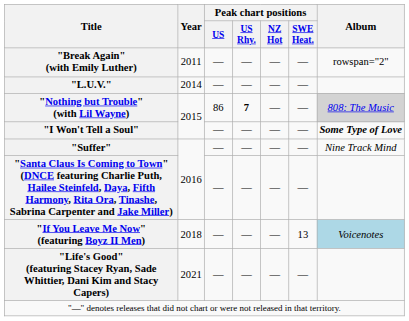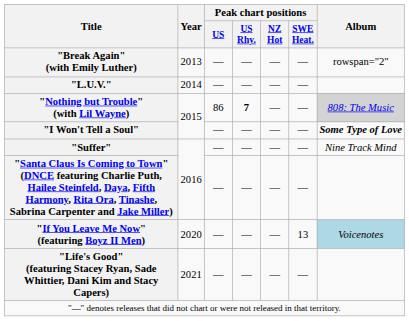 <table class="wikitable plainrowheaders" style="text-align:center;">
 <tr>
 <th scope="col" rowspan="2" style="width:16em;">Title</th>
 <th scope="col" rowspan="2">Year</th>
 <th scope="col" colspan="4">Peak chart positions</th>
 <th scope="col" rowspan="2">Album</th>
 </tr>
 <tr>
 <th scope="col" style="width:2.5em;font-size:90%;"><a href='#'>US</a><br></th>
 <th scope="col" style="width:2.5em;font-size:90%;"><a href='#'>US<br>Rhy.</a><br></th>
 <th scope="col" style="width:2.5em;font-size:90%;"><a href='#'>NZ<br>Hot</a><br></th>
 <th scope="col" style="width:2.5em;font-size:90%;"><a href='#'>SWE<br>Heat.</a><br></th>
 </tr>
 <tr>
 <th scope="row">"Break Again"<br><span>(with Emily Luther)</span></th>
-<td>2011</td>
+<td>2013</td>
 <td>—</td>
 <td>—</td>
 <td>—</td>
 <td>—</td>
 <td>rowspan="2" </td>
 </tr>
 <tr>
 <th scope="row">"L.U.V."</th>
 <td>2014</td>
 <td>—</td>
 <td>—</td>
 <td>—</td>
 <td>—</td>
 </tr>
 <tr>
 <th scope="row">"<a href='#'>Nothing but Trouble</a>"<br><span>(with <a href='#'>Lil Wayne</a>)</span></th>
 <td rowspan="2">2015</td>
 <td>86</td>
 <td><strong>7</strong></td>
 <td>—</td>
 <td>—</td>
 <td style="background: lightgrey;"><em><a href='#'>808: The Music</a></em></td>
 </tr>
 <tr>
 <th scope="row">"I Won't Tell a Soul"</th>
 <td>—</td>
 <td>—</td>
 <td>—</td>
 <td>—</td>
 <td><strong><em>Some Type of Love</em></strong></td>
 </tr>
 <tr>
 <th scope="row">"Suffer" </th>
 <td rowspan="2">2016</td>
 <td>—</td>
 <td>—</td>
 <td>—</td>
 <td>—</td>
 <td><em>Nine Track Mind</em></td>
 </tr>
 <tr>
 <th scope="row">"<a href='#'>Santa Claus Is Coming to Town</a>"<br><span>(<a href='#'>DNCE</a> featuring Charlie Puth, <a href='#'>Hailee Steinfeld</a>, <a href='#'>Daya</a>, <a href='#'>Fifth Harmony</a>, <a href='#'>Rita Ora</a>, <a href='#'>Tinashe</a>, Sabrina Carpenter and <a href='#'>Jake Miller</a>)</span></th>
 <td>—</td>
 <td>—</td>
 <td>—</td>
 <td>—</td>
 <td></td>
 </tr>
 <tr>
 <th scope="row">"<a href='#'>If You Leave Me Now</a>"<br><span>(featuring <a href='#'>Boyz II Men</a>)</span></th>
-<td>2018</td>
+<td>2020</td>
 <td>—</td>
 <td>—</td>
 <td>—</td>
 <td>13</td>
 <td style="background: lightblue;"><em>Voicenotes</em></td>
 </tr>
 <tr>
 <th scope="row">"Life's Good"<br><span>(featuring Stacey Ryan, Sade Whittier, Dani Kim and Stacy Capers)</span></th>
 <td>2021</td>
 <td>—</td>
 <td>—</td>
 <td>—</td>
 <td>—</td>
 <td></td>
 </tr>
 <tr>
 <td colspan="15" style="font-size:85%">"—" denotes releases that did not chart or were not released in that territory.</td>
 </tr>
 </table>
